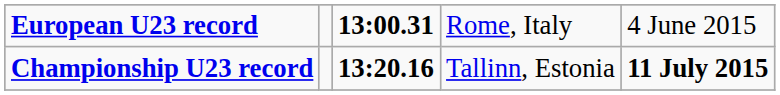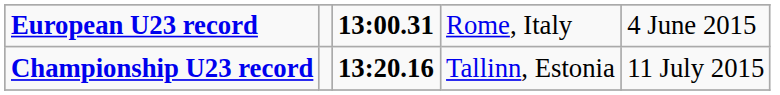 <table class="wikitable">
 <tr>
 <td><strong><a href='#'>European U23 record</a></strong></td>
 <td></td>
 <td><strong>13:00.31</strong></td>
 <td><a href='#'>Rome</a>, Italy</td>
 <td>4 June 2015</td>
 </tr>
 <tr>
 <td><strong><a href='#'>Championship U23 record</a></strong></td>
 <td></td>
 <td><strong>13:20.16</strong></td>
 <td><a href='#'>Tallinn</a>, Estonia</td>
-<td><strong>11 July 2015</strong></td>
+<td>11 July 2015</td>
 </tr>
 </table>
